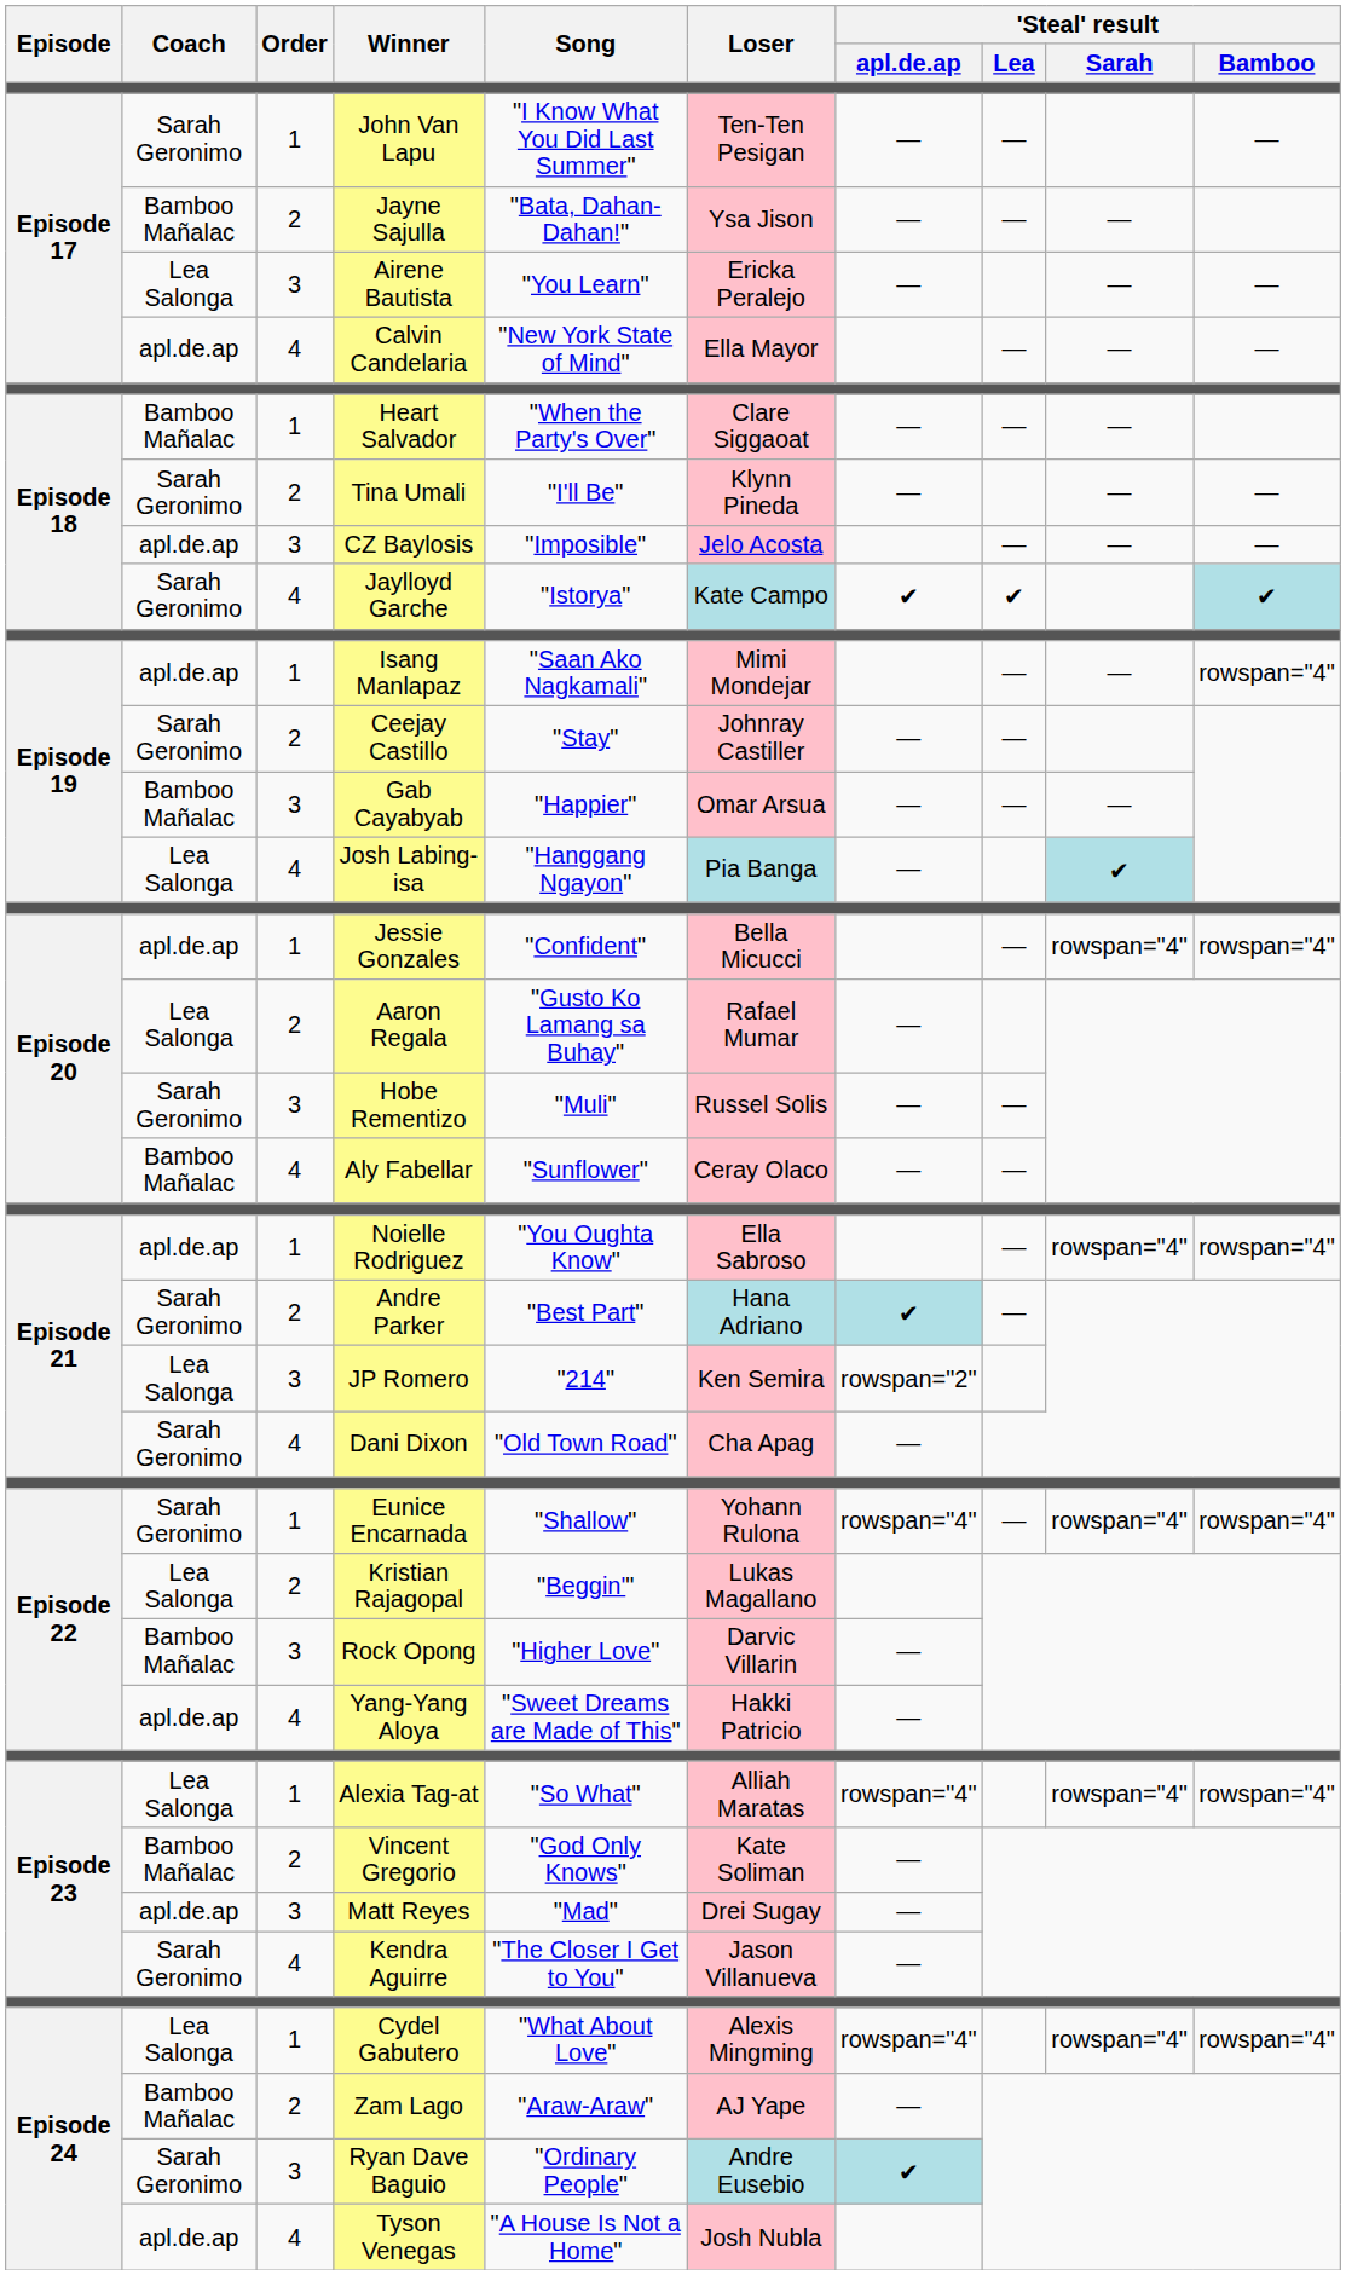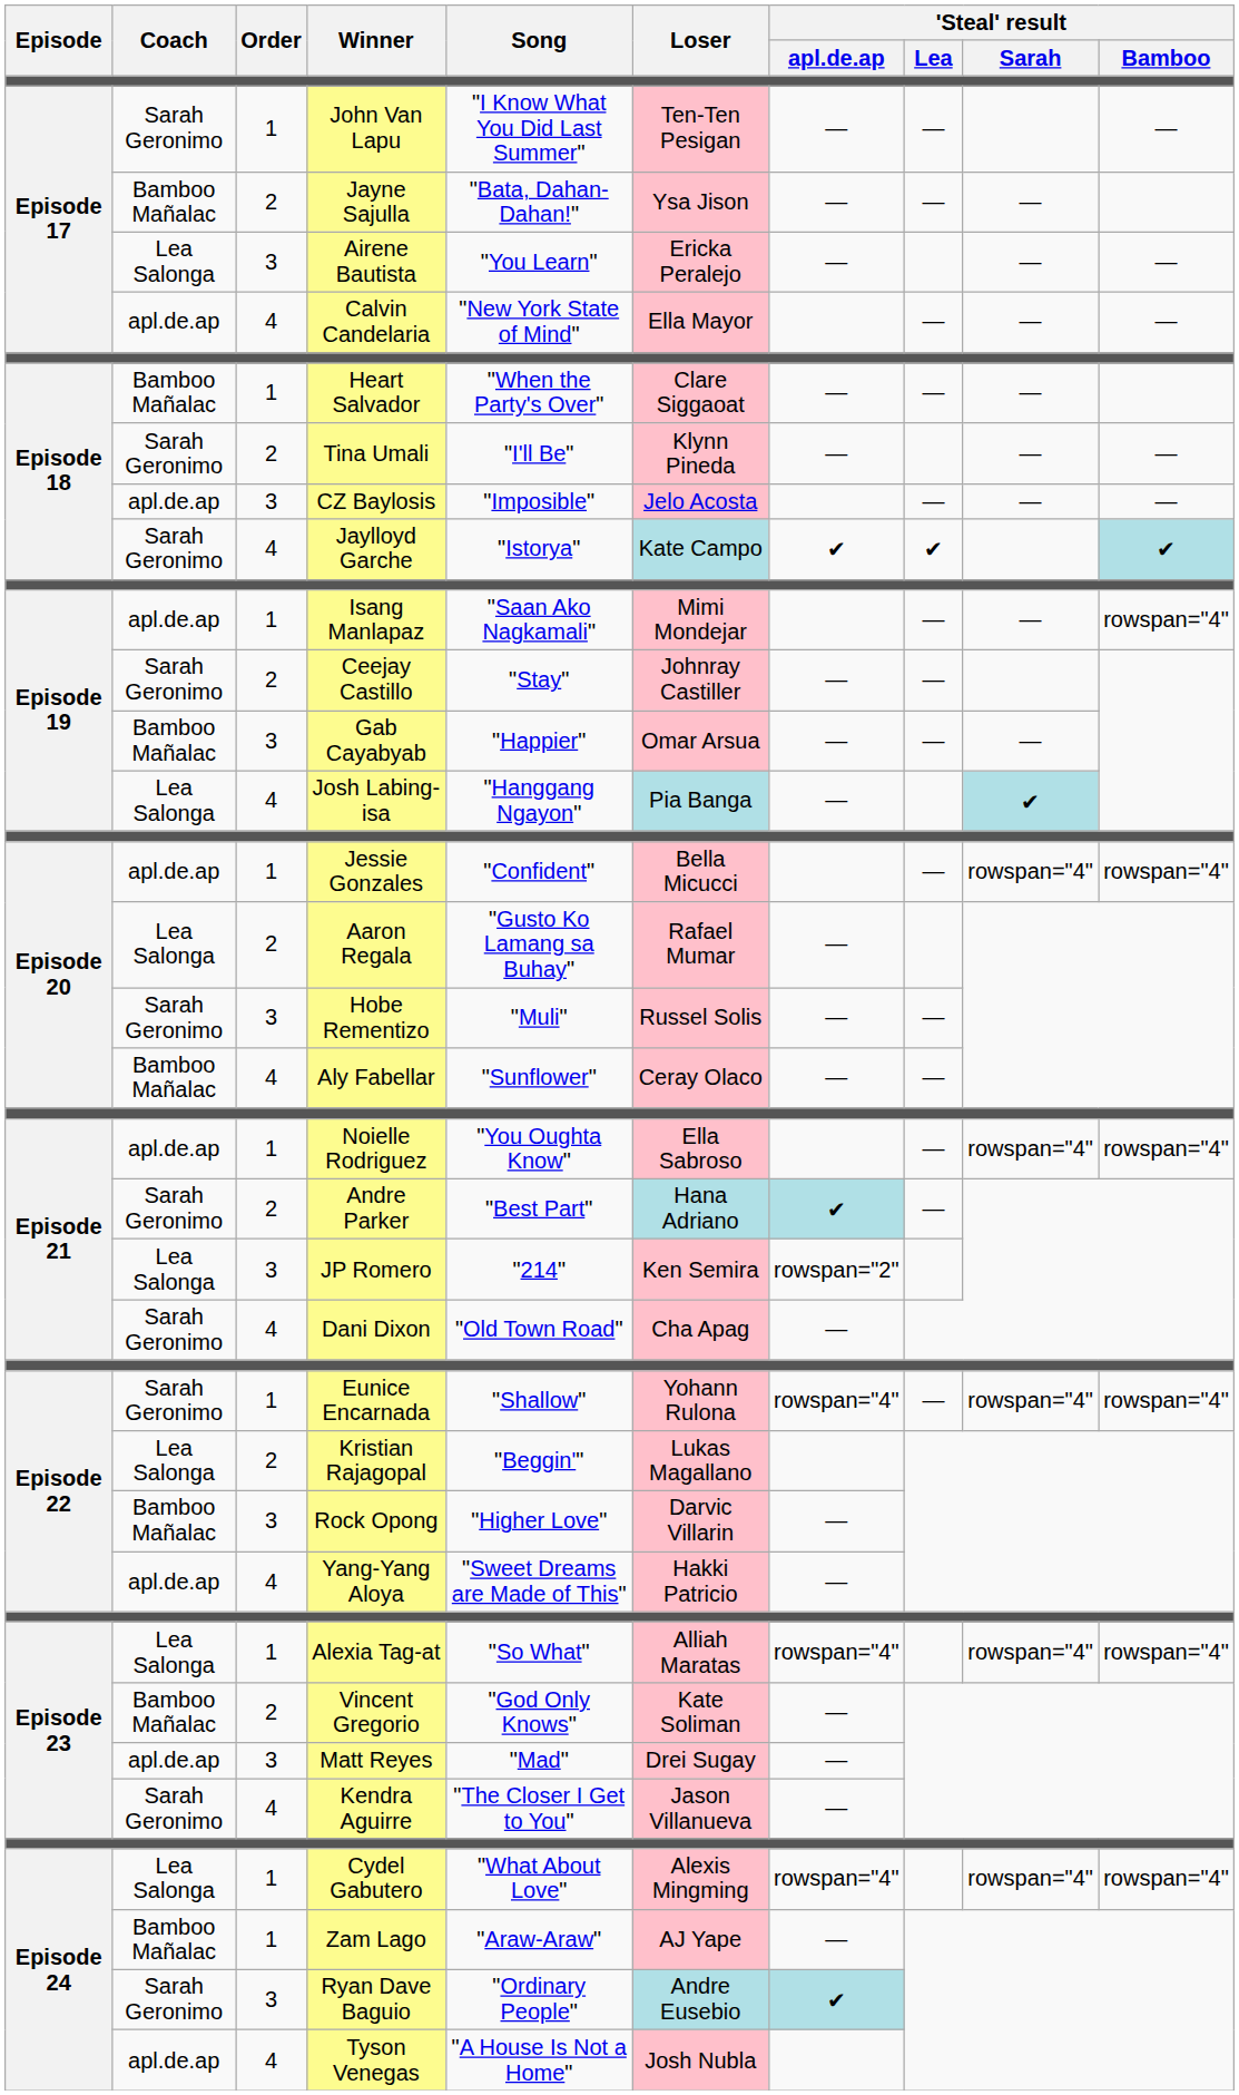 <table class="wikitable" style="text-align: center; width:100%;">
 <tr>
 <th rowspan="2" style="width:10%;">Episode</th>
 <th rowspan="2" style="width:12%;">Coach</th>
 <th rowspan="2" style="width:03%;">Order</th>
 <th rowspan="2" style="width:14%;">Winner</th>
 <th rowspan="2" style="width:23%;">Song</th>
 <th rowspan="2" style="width:14%;">Loser</th>
 <th colspan="4">'Steal' result</th>
 </tr>
 <tr>
 <th style="width:06%;"><a href='#'>apl.de.ap</a></th>
 <th style="width:06%;"><a href='#'>Lea</a></th>
 <th style="width:06%;"><a href='#'>Sarah</a></th>
 <th style="width:06%;"><a href='#'>Bamboo</a></th>
 </tr>
 <tr>
 <td colspan="10" style="background:#555;"></td>
 </tr>
 <tr>
 <th rowspan="4">Episode 17<br></th>
 <td>Sarah Geronimo</td>
 <td>1</td>
 <td style="background:#fdfc8f;">John Van Lapu</td>
 <td>"<a href='#'>I Know What You Did Last Summer</a>"</td>
 <td style="background:pink;">Ten-Ten Pesigan</td>
 <td>—</td>
 <td>—</td>
 <td></td>
 <td>—</td>
 </tr>
 <tr>
 <td>Bamboo Mañalac</td>
 <td>2</td>
 <td style="background:#fdfc8f;">Jayne Sajulla</td>
 <td>"<a href='#'>Bata, Dahan-Dahan!</a>"</td>
 <td style="background:pink;">Ysa Jison</td>
 <td>—</td>
 <td>—</td>
 <td>—</td>
 <td></td>
 </tr>
 <tr>
 <td>Lea Salonga</td>
 <td>3</td>
 <td style="background:#fdfc8f;">Airene Bautista</td>
 <td>"<a href='#'>You Learn</a>"</td>
 <td style="background:pink;">Ericka Peralejo</td>
 <td>—</td>
 <td></td>
 <td>—</td>
 <td>—</td>
 </tr>
 <tr>
 <td>apl.de.ap</td>
 <td>4</td>
 <td style="background:#fdfc8f;">Calvin Candelaria</td>
 <td>"<a href='#'>New York State of Mind</a>"</td>
 <td style="background:pink;">Ella Mayor</td>
 <td></td>
 <td>—</td>
 <td>—</td>
 <td>—</td>
 </tr>
 <tr>
 <td colspan="10" style="background:#555;"></td>
 </tr>
 <tr>
 <th rowspan="4">Episode 18<br></th>
 <td>Bamboo Mañalac</td>
 <td>1</td>
 <td style="background:#fdfc8f;">Heart Salvador</td>
 <td>"<a href='#'>When the Party's Over</a>"</td>
 <td style="background:pink;">Clare Siggaoat</td>
 <td>—</td>
 <td>—</td>
 <td>—</td>
 <td></td>
 </tr>
 <tr>
 <td>Sarah Geronimo</td>
 <td>2</td>
 <td style="background:#fdfc8f;">Tina Umali</td>
 <td>"<a href='#'>I'll Be</a>"</td>
 <td style="background:pink;">Klynn Pineda</td>
 <td>—</td>
 <td></td>
 <td>—</td>
 <td>—</td>
 </tr>
 <tr>
 <td>apl.de.ap</td>
 <td>3</td>
 <td style="background:#fdfc8f;">CZ Baylosis</td>
 <td>"<a href='#'>Imposible</a>"</td>
 <td style="background:pink;"><a href='#'>Jelo Acosta</a></td>
 <td></td>
 <td>—</td>
 <td>—</td>
 <td>—</td>
 </tr>
 <tr>
 <td>Sarah Geronimo</td>
 <td>4</td>
 <td style="background:#fdfc8f;">Jaylloyd Garche</td>
 <td>"<a href='#'>Istorya</a>"</td>
 <td style="background:#B0E0E6;">Kate Campo</td>
 <td>✔</td>
 <td>✔</td>
 <td></td>
 <td style="background:#B0E0E6;">✔</td>
 </tr>
 <tr>
 <td colspan="10" style="background:#555;"></td>
 </tr>
 <tr>
 <th rowspan="4">Episode 19<br></th>
 <td>apl.de.ap</td>
 <td>1</td>
 <td style="background:#fdfc8f;">Isang Manlapaz</td>
 <td>"<a href='#'>Saan Ako Nagkamali</a>"</td>
 <td style="background:pink;">Mimi Mondejar</td>
 <td></td>
 <td>—</td>
 <td>—</td>
 <td>rowspan="4" </td>
 </tr>
 <tr>
 <td>Sarah Geronimo</td>
 <td>2</td>
 <td style="background:#fdfc8f;">Ceejay Castillo</td>
 <td>"<a href='#'>Stay</a>"</td>
 <td style="background:pink;">Johnray Castiller</td>
 <td>—</td>
 <td>—</td>
 <td></td>
 </tr>
 <tr>
 <td>Bamboo Mañalac</td>
 <td>3</td>
 <td style="background:#fdfc8f;">Gab Cayabyab</td>
 <td>"<a href='#'>Happier</a>"</td>
 <td style="background:pink;">Omar Arsua</td>
 <td>—</td>
 <td>—</td>
 <td>—</td>
 </tr>
 <tr>
 <td>Lea Salonga</td>
 <td>4</td>
 <td style="background:#fdfc8f;">Josh Labing-isa</td>
 <td>"<a href='#'>Hanggang Ngayon</a>"</td>
 <td style="background:#B0E0E6;">Pia Banga</td>
 <td>—</td>
 <td></td>
 <td style="background:#B0E0E6;">✔</td>
 </tr>
 <tr>
 <td colspan="10" style="background:#555;"></td>
 </tr>
 <tr>
 <th rowspan="4">Episode 20<br></th>
 <td>apl.de.ap</td>
 <td>1</td>
 <td style="background:#fdfc8f;">Jessie Gonzales</td>
 <td>"<a href='#'>Confident</a>"</td>
 <td style="background:pink;">Bella Micucci</td>
 <td></td>
 <td>—</td>
 <td>rowspan="4" </td>
 <td>rowspan="4" </td>
 </tr>
 <tr>
 <td>Lea Salonga</td>
 <td>2</td>
 <td style="background:#fdfc8f;">Aaron Regala</td>
 <td>"<a href='#'>Gusto Ko Lamang sa Buhay</a>"</td>
 <td style="background:pink;">Rafael Mumar</td>
 <td>—</td>
 <td></td>
 </tr>
 <tr>
 <td>Sarah Geronimo</td>
 <td>3</td>
 <td style="background:#fdfc8f;">Hobe Rementizo</td>
 <td>"<a href='#'>Muli</a>"</td>
 <td style="background:pink;">Russel Solis</td>
 <td>—</td>
 <td>—</td>
 </tr>
 <tr>
 <td>Bamboo Mañalac</td>
 <td>4</td>
 <td style="background:#fdfc8f;">Aly Fabellar</td>
 <td>"<a href='#'>Sunflower</a>"</td>
 <td style="background:pink;">Ceray Olaco</td>
 <td>—</td>
 <td>—</td>
 </tr>
 <tr>
 <td colspan="10" style="background:#555;"></td>
 </tr>
 <tr>
 <th rowspan="4">Episode 21<br></th>
 <td>apl.de.ap</td>
 <td>1</td>
 <td style="background:#fdfc8f;">Noielle Rodriguez</td>
 <td>"<a href='#'>You Oughta Know</a>"</td>
 <td style="background:pink;">Ella Sabroso</td>
 <td></td>
 <td>—</td>
 <td>rowspan="4" </td>
 <td>rowspan="4" </td>
 </tr>
 <tr>
 <td>Sarah Geronimo</td>
 <td>2</td>
 <td style="background:#fdfc8f;">Andre Parker</td>
 <td>"<a href='#'>Best Part</a>"</td>
 <td style="background:#B0E0E6;">Hana Adriano</td>
 <td style="background:#B0E0E6;">✔</td>
 <td>—</td>
 </tr>
 <tr>
 <td>Lea Salonga</td>
 <td>3</td>
 <td style="background:#fdfc8f;">JP Romero</td>
 <td>"<a href='#'>214</a>"</td>
 <td style="background:pink;">Ken Semira</td>
 <td>rowspan="2" </td>
 <td></td>
 </tr>
 <tr>
 <td>Sarah Geronimo</td>
 <td>4</td>
 <td style="background:#fdfc8f;">Dani Dixon</td>
 <td>"<a href='#'>Old Town Road</a>"</td>
 <td style="background:pink;">Cha Apag</td>
 <td>—</td>
 </tr>
 <tr>
 <td colspan="10" style="background:#555;"></td>
 </tr>
 <tr>
 <th rowspan="4">Episode 22<br></th>
 <td>Sarah Geronimo</td>
 <td>1</td>
 <td style="background:#fdfc8f;">Eunice Encarnada</td>
 <td>"<a href='#'>Shallow</a>"</td>
 <td style="background:pink;">Yohann Rulona</td>
 <td>rowspan="4" </td>
 <td>—</td>
 <td>rowspan="4" </td>
 <td>rowspan="4" </td>
 </tr>
 <tr>
 <td>Lea Salonga</td>
 <td>2</td>
 <td style="background:#fdfc8f;">Kristian Rajagopal</td>
 <td>"<a href='#'>Beggin'</a>"</td>
 <td style="background:pink;">Lukas Magallano</td>
 <td></td>
 </tr>
 <tr>
 <td>Bamboo Mañalac</td>
 <td>3</td>
 <td style="background:#fdfc8f;">Rock Opong</td>
 <td>"<a href='#'>Higher Love</a>"</td>
 <td style="background:pink;">Darvic Villarin</td>
 <td>—</td>
 </tr>
 <tr>
 <td>apl.de.ap</td>
 <td>4</td>
 <td style="background:#fdfc8f;">Yang-Yang Aloya</td>
 <td>"<a href='#'>Sweet Dreams are Made of This</a>"</td>
 <td style="background:pink;">Hakki Patricio</td>
 <td>—</td>
 </tr>
 <tr>
 <td colspan="10" style="background:#555;"></td>
 </tr>
 <tr>
 <th rowspan="4">Episode 23<br></th>
 <td>Lea Salonga</td>
 <td>1</td>
 <td style="background:#fdfc8f;">Alexia Tag-at</td>
 <td>"<a href='#'>So What</a>"</td>
 <td style="background:pink;">Alliah Maratas</td>
 <td>rowspan="4" </td>
 <td></td>
 <td>rowspan="4" </td>
 <td>rowspan="4" </td>
 </tr>
 <tr>
 <td>Bamboo Mañalac</td>
 <td>2</td>
 <td style="background:#fdfc8f;">Vincent Gregorio</td>
 <td>"<a href='#'>God Only Knows</a>"</td>
 <td style="background:pink;">Kate Soliman</td>
 <td>—</td>
 </tr>
 <tr>
 <td>apl.de.ap</td>
 <td>3</td>
 <td style="background:#fdfc8f;">Matt Reyes</td>
 <td>"<a href='#'>Mad</a>"</td>
 <td style="background:pink;">Drei Sugay</td>
 <td>—</td>
 </tr>
 <tr>
 <td>Sarah Geronimo</td>
 <td>4</td>
 <td style="background:#fdfc8f;">Kendra Aguirre</td>
 <td>"<a href='#'>The Closer I Get to You</a>"</td>
 <td style="background:pink;">Jason Villanueva</td>
 <td>—</td>
 </tr>
 <tr>
 <td colspan="10" style="background:#555;"></td>
 </tr>
 <tr>
 <th rowspan="4">Episode 24<br></th>
 <td>Lea Salonga</td>
 <td>1</td>
 <td style="background:#fdfc8f;">Cydel Gabutero</td>
 <td>"<a href='#'>What About Love</a>"</td>
 <td style="background:pink;">Alexis Mingming</td>
 <td>rowspan="4" </td>
 <td></td>
 <td>rowspan="4" </td>
 <td>rowspan="4" </td>
 </tr>
 <tr>
 <td>Bamboo Mañalac</td>
-<td>2</td>
+<td>1</td>
 <td style="background:#fdfc8f;">Zam Lago</td>
 <td>"<a href='#'>Araw-Araw</a>"</td>
 <td style="background:pink;">AJ Yape</td>
 <td>—</td>
 </tr>
 <tr>
 <td>Sarah Geronimo</td>
 <td>3</td>
 <td style="background:#fdfc8f;">Ryan Dave Baguio</td>
 <td>"<a href='#'>Ordinary People</a>"</td>
 <td style="background:#B0E0E6;">Andre Eusebio</td>
 <td style="background:#B0E0E6;">✔</td>
 </tr>
 <tr>
 <td>apl.de.ap</td>
 <td>4</td>
 <td style="background:#fdfc8f;">Tyson Venegas</td>
 <td>"<a href='#'>A House Is Not a Home</a>"</td>
 <td style="background:pink;">Josh Nubla</td>
 <td></td>
 </tr>
 </table>
